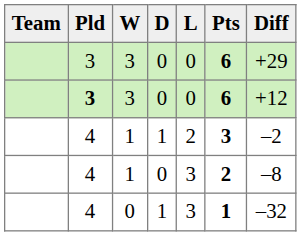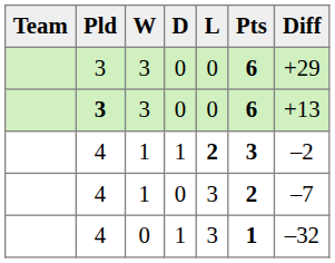 <table style=border-collapse:collapse border=1 cellspacing=0 cellpadding=5>
 <tr align=center bgcolor=#efefef>
 <th>Team</th>
 <th>Pld</th>
 <th>W</th>
 <th>D</th>
 <th>L</th>
 <th>Pts</th>
 <th>Diff</th>
 </tr>
 <tr align=center style="background:#D0F0C0;">
 <td style="text-align:left;"> </td>
 <td>3</td>
 <td>3</td>
 <td>0</td>
 <td>0</td>
 <td><strong>6</strong></td>
 <td>+29</td>
 </tr>
 <tr align=center style="background:#D0F0C0;">
 <td style="text-align:left;"> </td>
 <td><strong>3</strong></td>
 <td>3</td>
 <td>0</td>
 <td>0</td>
 <td><strong>6</strong></td>
-<td>+12</td>
+<td>+13</td>
 </tr>
 <tr align=center style="background:#FFFFFF;">
 <td style="text-align:left;"> </td>
 <td>4</td>
 <td>1</td>
 <td>1</td>
-<td>2</td>
+<td><strong>2</strong></td>
 <td><strong>3</strong></td>
 <td>–2</td>
 </tr>
 <tr align=center style="background:#FFFFFF;">
 <td style="text-align:left;"> </td>
 <td>4</td>
 <td>1</td>
 <td>0</td>
 <td>3</td>
 <td><strong>2</strong></td>
-<td>–8</td>
+<td>–7</td>
 </tr>
 <tr align=center style="background:#FFFFFF;">
 <td style="text-align:left;"> </td>
 <td>4</td>
 <td>0</td>
 <td>1</td>
 <td>3</td>
 <td><strong>1</strong></td>
 <td>–32</td>
 </tr>
 </table>
